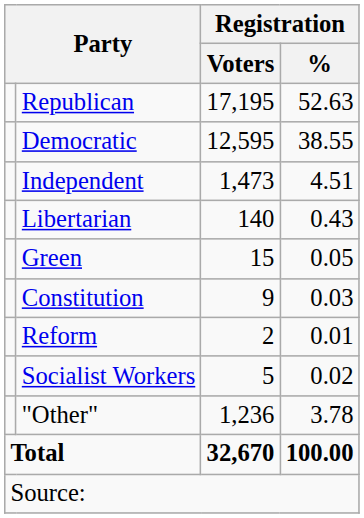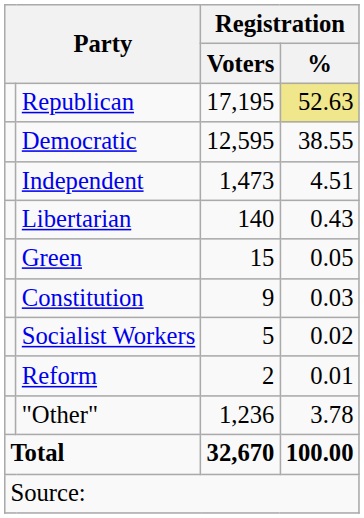 <table class="wikitable">
 <tr>
 <th colspan="2" rowspan="2">Party</th>
 <th colspan="2">Registration</th>
 </tr>
 <tr>
 <th>Voters</th>
 <th>%</th>
 </tr>
 <tr>
 <td style="background-color:"></td>
 <td><a href='#'>Republican</a></td>
 <td style="text-align:right;">17,195</td>
-<td style="text-align:right;">52.63</td>
+<td style="background: khaki; text-align:right;">52.63</td>
 </tr>
 <tr>
 <td style="background-color:"></td>
 <td><a href='#'>Democratic</a></td>
 <td style="text-align:right;">12,595</td>
 <td style="text-align:right;">38.55</td>
 </tr>
 <tr>
 <td style="background-color:"></td>
 <td><a href='#'>Independent</a></td>
 <td style="text-align:right;">1,473</td>
 <td style="text-align:right;">4.51</td>
 </tr>
 <tr>
 <td style="background-color:"></td>
 <td><a href='#'>Libertarian</a></td>
 <td style="text-align:right;">140</td>
 <td style="text-align:right;">0.43</td>
 </tr>
 <tr>
 <td style="background-color:"></td>
 <td><a href='#'>Green</a></td>
 <td style="text-align:right;">15</td>
 <td style="text-align:right;">0.05</td>
 </tr>
 <tr>
 <td style="background-color:"></td>
 <td><a href='#'>Constitution</a></td>
 <td style="text-align:right;">9</td>
 <td style="text-align:right;">0.03</td>
 </tr>
 <tr>
 <td style="background-color:"></td>
+<td><a href='#'>Socialist Workers</a></td>
+<td style="text-align:right;">5</td>
+<td style="text-align:right;">0.02</td>
+</tr>
+<tr>
+<td style="background-color:"></td>
 <td><a href='#'>Reform</a></td>
 <td style="text-align:right;">2</td>
 <td style="text-align:right;">0.01</td>
-</tr>
-<tr>
-<td style="background-color:"></td>
-<td><a href='#'>Socialist Workers</a></td>
-<td style="text-align:right;">5</td>
-<td style="text-align:right;">0.02</td>
 </tr>
 <tr>
 <td></td>
 <td>"Other"</td>
 <td style="text-align:right;">1,236</td>
 <td style="text-align:right;">3.78</td>
 </tr>
 <tr>
 <td colspan="2"><strong>Total</strong></td>
 <td style="text-align:right;"><strong>32,670</strong></td>
 <td style="text-align:right;"><strong>100.00</strong></td>
 </tr>
 <tr>
 <td colspan="4">Source: <em></em></td>
 </tr>
 </table>
